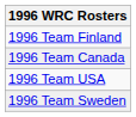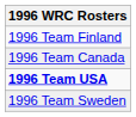 <table class=wikitable style="text-align:left;">
 <tr>
 <th>1996 WRC Rosters</th>
 </tr>
 <tr>
 <td> <a href='#'>1996 Team Finland</a></td>
 </tr>
 <tr bgcolor="#f0f0f0">
 <td> <a href='#'>1996 Team Canada</a></td>
 </tr>
 <tr>
-<td> <a href='#'>1996 Team USA</a></td>
+<td><strong> <a href='#'>1996 Team USA</a></strong></td>
 </tr>
 <tr bgcolor="#f0f0f0">
 <td> <a href='#'>1996 Team Sweden</a></td>
 </tr>
 </table>
